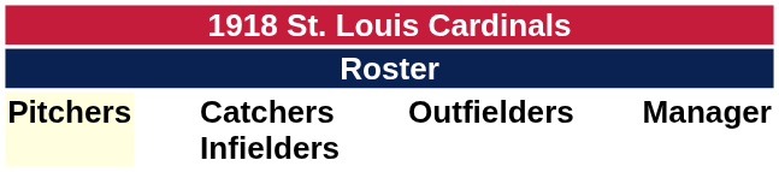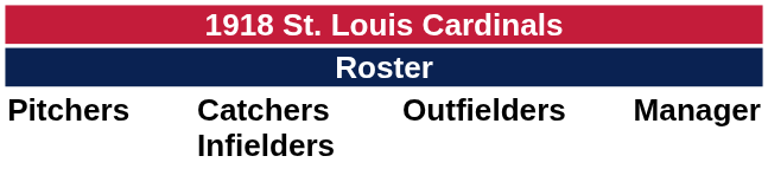 <table class="toccolours" style="font-size: 95%;">
 <tr>
 <th colspan="10" style="background-color: #c41c3a; color: white; text-align: center;">1918 St. Louis Cardinals</th>
 </tr>
 <tr>
 <td colspan="10" style="background-color: #0a2252; color: white; text-align: center;"><strong>Roster</strong></td>
 </tr>
 <tr>
-<td valign="top" style="background: lightyellow;"><strong>Pitchers</strong><br>         </td>
+<td valign="top"><strong>Pitchers</strong><br>         </td>
 <td width="25px"></td>
 <td valign="top"><strong>Catchers</strong><br>   <strong>Infielders</strong>            </td>
 <td width="25px"></td>
 <td valign="top"><strong>Outfielders</strong><br>          </td>
 <td width="25px"></td>
 <td valign="top"><strong>Manager</strong><br></td>
 </tr>
 </table>
